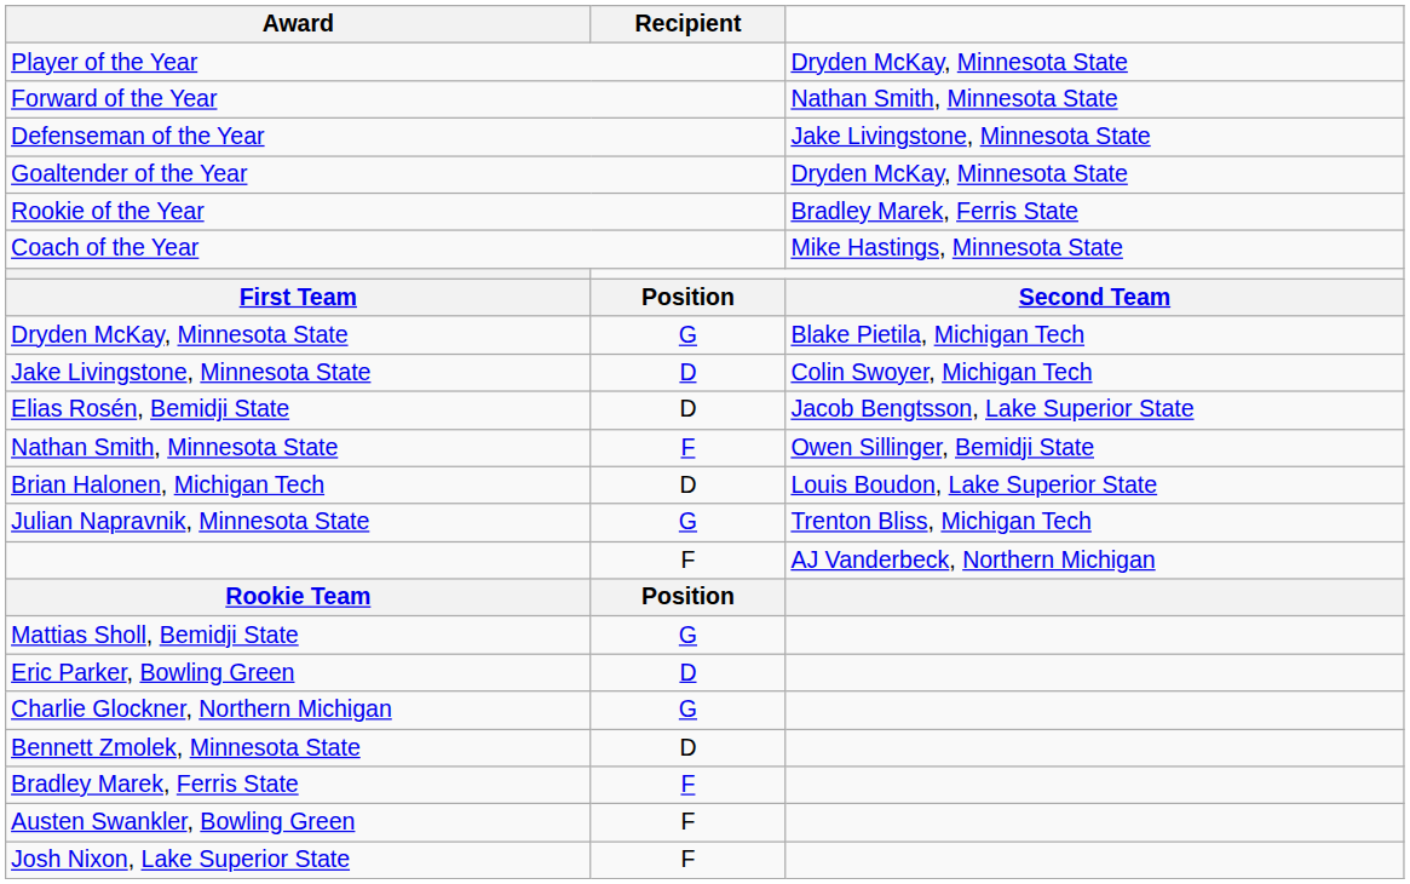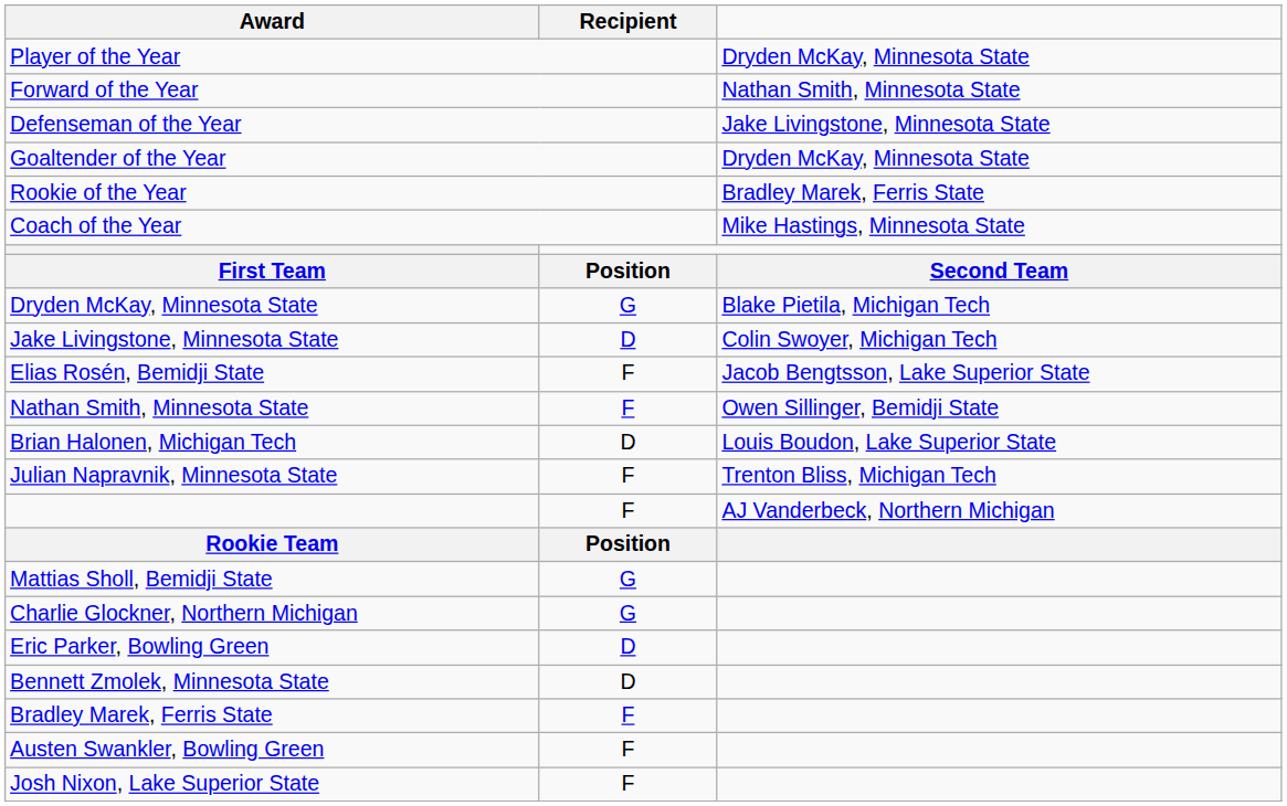 <table class="wikitable" width=75%>
 <tr>
 <th>Award</th>
 <th>Recipient</th>
 </tr>
 <tr>
 <td colspan=2><a href='#'>Player of the Year</a></td>
 <td><a href='#'>Dryden McKay</a>, <a href='#'>Minnesota State</a></td>
 </tr>
 <tr>
 <td colspan=2><a href='#'>Forward of the Year</a></td>
 <td><a href='#'>Nathan Smith</a>, <a href='#'>Minnesota State</a></td>
 </tr>
 <tr>
 <td colspan=2><a href='#'>Defenseman of the Year</a></td>
 <td><a href='#'>Jake Livingstone</a>, <a href='#'>Minnesota State</a></td>
 </tr>
 <tr>
 <td colspan=2><a href='#'>Goaltender of the Year</a></td>
 <td><a href='#'>Dryden McKay</a>, <a href='#'>Minnesota State</a></td>
 </tr>
 <tr>
 <td colspan=2><a href='#'>Rookie of the Year</a></td>
 <td><a href='#'>Bradley Marek</a>, <a href='#'>Ferris State</a></td>
 </tr>
 <tr>
 <td colspan=2><a href='#'>Coach of the Year</a></td>
 <td><a href='#'>Mike Hastings</a>, <a href='#'>Minnesota State</a><br></td>
 </tr>
 <tr>
 <th><a href='#'></a></th>
 </tr>
 <tr>
 <th><a href='#'>First Team</a></th>
 <th>  Position  </th>
 <th><a href='#'>Second Team</a></th>
 </tr>
 <tr>
 <td><a href='#'>Dryden McKay</a>, <a href='#'>Minnesota State</a></td>
 <td align=center><a href='#'>G</a></td>
 <td><a href='#'>Blake Pietila</a>, <a href='#'>Michigan Tech</a></td>
 </tr>
 <tr>
 <td><a href='#'>Jake Livingstone</a>, <a href='#'>Minnesota State</a></td>
 <td align=center><a href='#'>D</a></td>
 <td><a href='#'>Colin Swoyer</a>, <a href='#'>Michigan Tech</a></td>
 </tr>
 <tr>
 <td><a href='#'>Elias Rosén</a>, <a href='#'>Bemidji State</a></td>
-<td align=center>D</td>
+<td align=center>F</td>
 <td><a href='#'>Jacob Bengtsson</a>, <a href='#'>Lake Superior State</a></td>
 </tr>
 <tr>
 <td><a href='#'>Nathan Smith</a>, <a href='#'>Minnesota State</a></td>
 <td align=center><a href='#'>F</a></td>
 <td><a href='#'>Owen Sillinger</a>, <a href='#'>Bemidji State</a></td>
 </tr>
 <tr>
 <td><a href='#'>Brian Halonen</a>, <a href='#'>Michigan Tech</a></td>
 <td align=center>D</td>
 <td><a href='#'>Louis Boudon</a>, <a href='#'>Lake Superior State</a></td>
 </tr>
 <tr>
 <td><a href='#'>Julian Napravnik</a>, <a href='#'>Minnesota State</a></td>
-<td align=center><a href='#'>G</a></td>
+<td align=center>F</td>
 <td><a href='#'>Trenton Bliss</a>, <a href='#'>Michigan Tech</a></td>
 </tr>
 <tr>
 <td></td>
 <td align=center>F</td>
 <td><a href='#'>AJ Vanderbeck</a>, <a href='#'>Northern Michigan</a></td>
 </tr>
 <tr>
 <th><a href='#'>Rookie Team</a></th>
 <th>  Position  </th>
 <th></th>
 </tr>
 <tr>
 <td><a href='#'>Mattias Sholl</a>, <a href='#'>Bemidji State</a></td>
 <td align=center><a href='#'>G</a></td>
 <td></td>
 </tr>
 <tr>
-<td><a href='#'>Eric Parker</a>, <a href='#'>Bowling Green</a></td>
-<td align=center><a href='#'>D</a></td>
+<td><a href='#'>Charlie Glockner</a>, <a href='#'>Northern Michigan</a></td>
+<td align=center><a href='#'>G</a></td>
 <td></td>
 </tr>
 <tr>
-<td><a href='#'>Charlie Glockner</a>, <a href='#'>Northern Michigan</a></td>
-<td align=center><a href='#'>G</a></td>
+<td><a href='#'>Eric Parker</a>, <a href='#'>Bowling Green</a></td>
+<td align=center><a href='#'>D</a></td>
 <td></td>
 </tr>
 <tr>
 <td><a href='#'>Bennett Zmolek</a>, <a href='#'>Minnesota State</a></td>
 <td align=center>D</td>
 <td></td>
 </tr>
 <tr>
 <td><a href='#'>Bradley Marek</a>, <a href='#'>Ferris State</a></td>
 <td align=center><a href='#'>F</a></td>
 <td></td>
 </tr>
 <tr>
 <td><a href='#'>Austen Swankler</a>, <a href='#'>Bowling Green</a></td>
 <td align=center>F</td>
 <td></td>
 </tr>
 <tr>
 <td><a href='#'>Josh Nixon</a>, <a href='#'>Lake Superior State</a></td>
 <td align=center>F</td>
 <td></td>
 </tr>
 </table>
